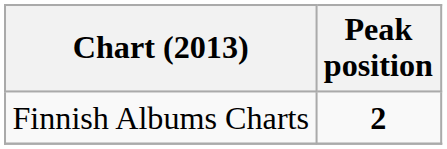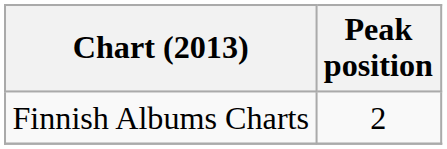 <table class="wikitable sortable plainrowheaders">
 <tr>
 <th scope="col">Chart (2013)</th>
 <th scope="col">Peak<br>position</th>
 </tr>
 <tr>
 <td>Finnish Albums Charts</td>
-<td style="text-align:center;"><strong>2</strong></td>
+<td style="text-align:center;">2</td>
 </tr>
 <tr>
 </tr>
 </table>
